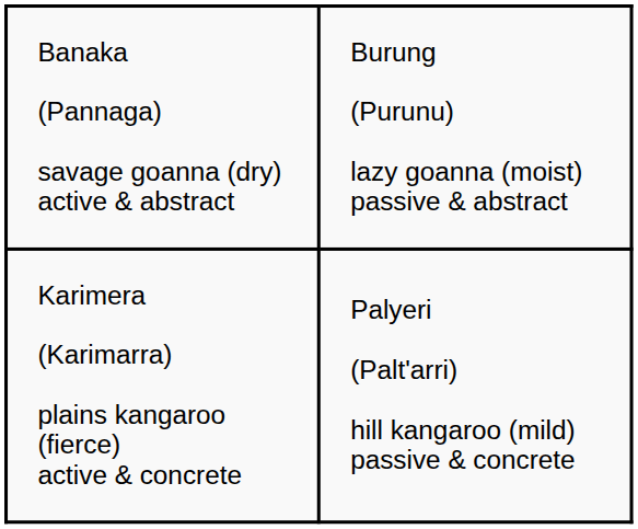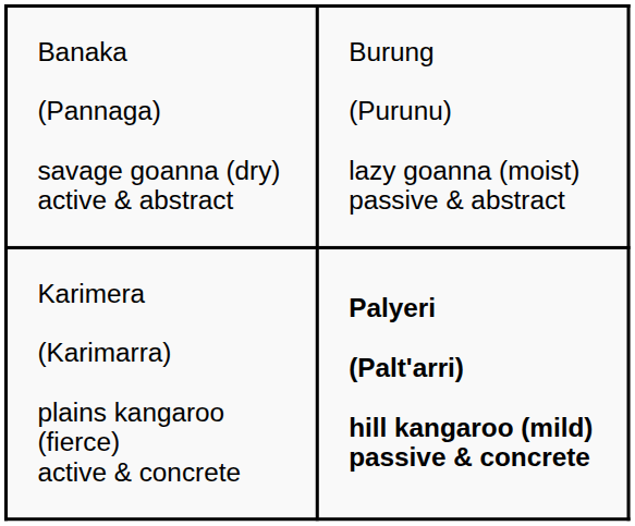 <table class="wikitable">
 <tr style="height: 90px;">
 <td style="border: 2px solid black; padding: 18px; width: 150px;">Banaka<br><br>(Pannaga)<br> <br> savage goanna (dry)<br> active & abstract</td>
 <td style="border: 2px solid black; padding: 18px; width: 150px;">Burung<br><br>(Purunu)<br> <br> lazy goanna (moist)<br> passive & abstract</td>
 </tr>
 <tr style="height: 90px;">
 <td style="border: 2px solid black; padding: 18px;">Karimera<br><br>(Karimarra)<br> <br> plains kangaroo (fierce)<br> active & concrete</td>
-<td style="border: 2px solid black; padding: 18px;">Palyeri<br><br>(Palt'arri)<br> <br> hill kangaroo (mild)<br> passive & concrete</td>
+<td style="border: 2px solid black; padding: 18px;"><strong>Palyeri<br><br>(Palt'arri)<br> <br> hill kangaroo (mild)<br> passive & concrete</strong></td>
 </tr>
 </table>
